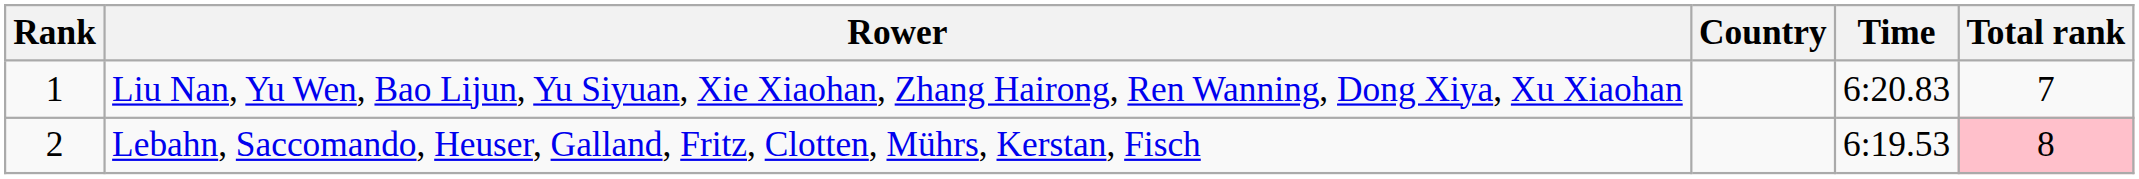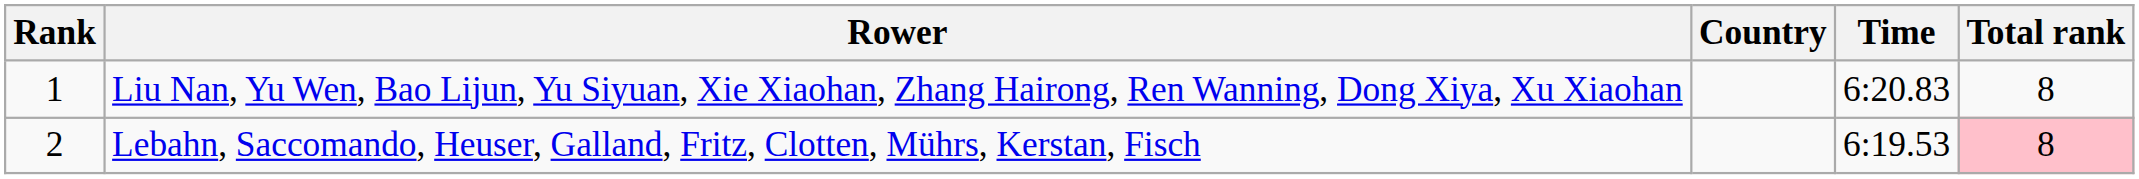 <table class="wikitable" style="text-align:center">
 <tr>
 <th>Rank</th>
 <th>Rower</th>
 <th>Country</th>
 <th>Time</th>
 <th>Total rank</th>
 </tr>
 <tr>
 <td>1</td>
 <td align="left"><a href='#'>Liu Nan</a>, <a href='#'>Yu Wen</a>, <a href='#'>Bao Lijun</a>, <a href='#'>Yu Siyuan</a>, <a href='#'>Xie Xiaohan</a>, <a href='#'>Zhang Hairong</a>, <a href='#'>Ren Wanning</a>, <a href='#'>Dong Xiya</a>, <a href='#'>Xu Xiaohan</a></td>
 <td align="left"></td>
 <td>6:20.83</td>
-<td>7</td>
+<td>8</td>
 </tr>
 <tr>
 <td>2</td>
 <td align="left"><a href='#'>Lebahn</a>, <a href='#'>Saccomando</a>, <a href='#'>Heuser</a>, <a href='#'>Galland</a>, <a href='#'>Fritz</a>, <a href='#'>Clotten</a>, <a href='#'>Mührs</a>, <a href='#'>Kerstan</a>, <a href='#'>Fisch</a></td>
 <td align="left"></td>
 <td>6:19.53</td>
 <td style="background: pink;">8</td>
 </tr>
 </table>
